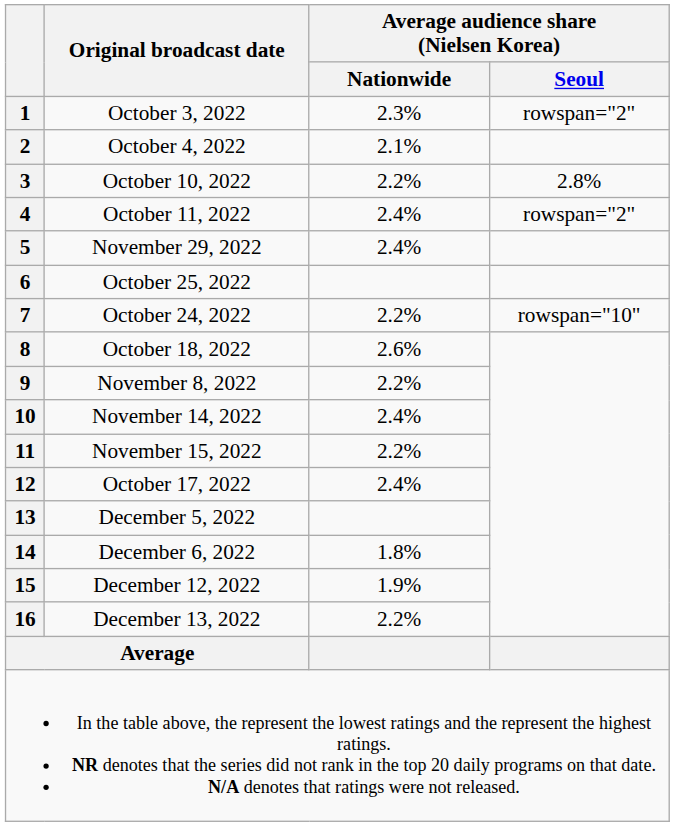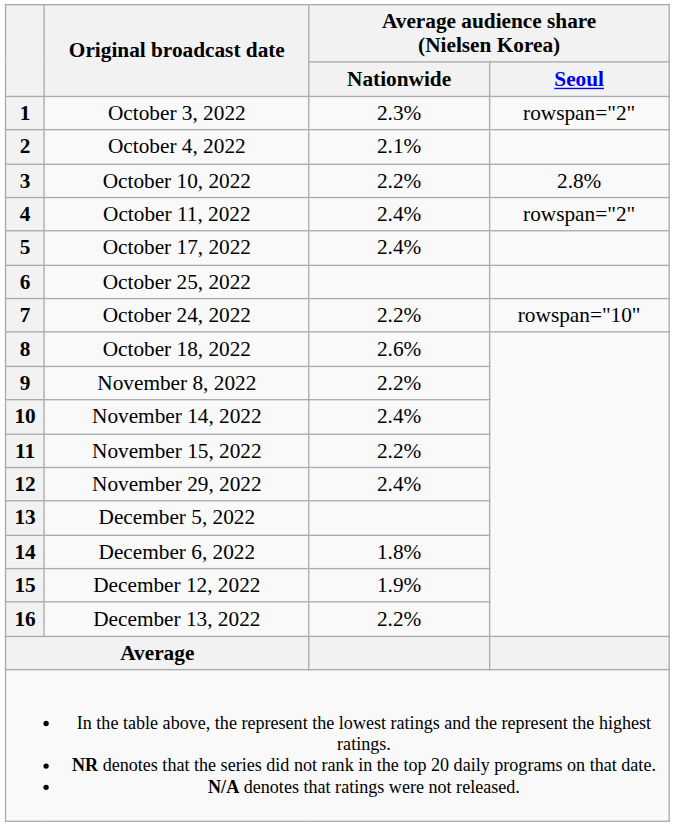 <table class="wikitable" style="margin-left:auto; margin-right:auto; text-align:center; max-width:500px">
 <tr>
 <th scope="col" rowspan="2"></th>
 <th scope="col" rowspan="2">Original broadcast date</th>
 <th scope="col" colspan="2">Average audience share<br>(Nielsen Korea)</th>
 </tr>
 <tr>
 <th scope="col" style="width:8em">Nationwide</th>
 <th scope="col" style="width:8em"><a href='#'>Seoul</a></th>
 </tr>
 <tr>
 <th scope="col">1</th>
 <td>October 3, 2022</td>
 <td>2.3% </td>
 <td>rowspan="2" </td>
 </tr>
 <tr>
 <th scope="col">2</th>
 <td>October 4, 2022</td>
 <td>2.1% </td>
 </tr>
 <tr>
 <th scope="col">3</th>
 <td>October 10, 2022</td>
 <td>2.2% </td>
 <td>2.8% </td>
 </tr>
 <tr>
 <th scope="col">4</th>
 <td>October 11, 2022</td>
 <td>2.4% </td>
 <td>rowspan="2" </td>
 </tr>
 <tr>
 <th scope="col">5</th>
-<td>November 29, 2022</td>
+<td>October 17, 2022</td>
 <td>2.4% </td>
 </tr>
 <tr>
 <th scope="col">6</th>
 <td>October 25, 2022</td>
 <td><strong></strong> </td>
 <td><strong></strong> </td>
 </tr>
 <tr>
 <th scope="col">7</th>
 <td>October 24, 2022</td>
 <td>2.2% </td>
 <td>rowspan="10" </td>
 </tr>
 <tr>
 <th scope="col">8</th>
 <td>October 18, 2022</td>
 <td>2.6% </td>
 </tr>
 <tr>
 <th scope="col">9</th>
 <td>November 8, 2022</td>
 <td>2.2% </td>
 </tr>
 <tr>
 <th scope="col">10</th>
 <td>November 14, 2022</td>
 <td>2.4% </td>
 </tr>
 <tr>
 <th scope="col">11</th>
 <td>November 15, 2022</td>
 <td>2.2% </td>
 </tr>
 <tr>
 <th scope="col">12</th>
-<td>October 17, 2022</td>
+<td>November 29, 2022</td>
 <td>2.4% </td>
 </tr>
 <tr>
 <th scope="col">13</th>
 <td>December 5, 2022</td>
 <td><strong></strong> </td>
 </tr>
 <tr>
 <th scope="col">14</th>
 <td>December 6, 2022</td>
 <td>1.8% </td>
 </tr>
 <tr>
 <th scope="col">15</th>
 <td>December 12, 2022</td>
 <td>1.9% </td>
 </tr>
 <tr>
 <th scope="col">16</th>
 <td>December 13, 2022</td>
 <td>2.2% </td>
 </tr>
 <tr>
 <th scope="col" colspan="2">Average</th>
 <th scope="col"></th>
 <th scope="col"></th>
 </tr>
 <tr>
 <td colspan="6" style="font-size:85%"><br><ul><li>In the table above, the <strong></strong> represent the lowest ratings and the <strong></strong> represent the highest ratings.</li><li><strong>NR</strong> denotes that the series did not rank in the top 20 daily programs on that date.</li><li><strong>N/A</strong> denotes that ratings were not released.</li></ul></td>
 </tr>
 </table>
